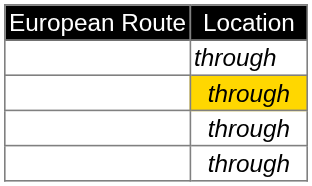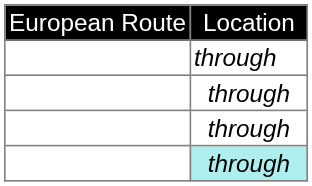 <table border=1 cellpadding=2 style="margin-left:1em; margin-bottom: 1em; color: black; border-collapse: collapse; font-size: 95%;">
 <tr align="center" bgcolor="000000" style="color: white">
 <td>European Route</td>
 <td>Location</td>
 </tr>
 <tr>
 <td></td>
 <td> <em>through</em>  </td>
 </tr>
 <tr>
 <td></td>
-<td style="background: gold;">  <em>through</em>  </td>
+<td>  <em>through</em>  </td>
 </tr>
 <tr>
 <td></td>
 <td>  <em>through</em>  </td>
 </tr>
 <tr>
 <td></td>
-<td>  <em>through</em>  </td>
+<td style="background: paleturquoise;">  <em>through</em>  </td>
 </tr>
 </table>
